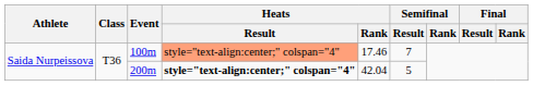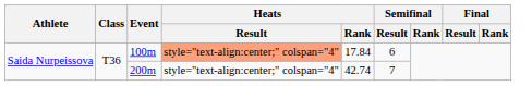 <table class=wikitable style="font-size:90%">
 <tr>
 <th rowspan="2">Athlete</th>
 <th rowspan="2">Class</th>
 <th rowspan="2">Event</th>
 <th colspan="2">Heats</th>
 <th colspan="2">Semifinal</th>
 <th colspan="2">Final</th>
 </tr>
 <tr>
 <th>Result</th>
 <th>Rank</th>
 <th>Result</th>
 <th>Rank</th>
 <th>Result</th>
 <th>Rank</th>
 </tr>
 <tr>
 <td rowspan="2"><a href='#'>Saida Nurpeissova</a></td>
 <td rowspan="2" style="text-align:center;">T36</td>
 <td><a href='#'>100m</a></td>
 <td style="background: lightsalmon;">style="text-align:center;" colspan="4" </td>
-<td style="text-align:center;">17.46</td>
-<td style="text-align:center;">7</td>
+<td style="text-align:center;">17.84</td>
+<td style="text-align:center;">6</td>
 </tr>
 <tr>
 <td><a href='#'>200m</a></td>
-<td><strong>style="text-align:center;" colspan="4" </strong></td>
-<td style="text-align:center;">42.04</td>
-<td style="text-align:center;">5</td>
+<td>style="text-align:center;" colspan="4" </td>
+<td style="text-align:center;">42.74</td>
+<td style="text-align:center;">7</td>
 </tr>
 </table>
